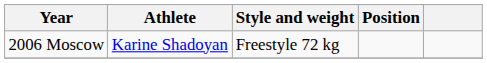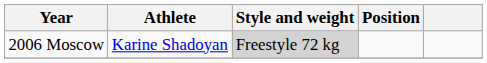 <table class="wikitable sortable">
 <tr>
 <th>Year</th>
 <th>Athlete</th>
 <th>Style and weight</th>
 <th>Position</th>
 <th class="unsortable" style="width:3em"></th>
 </tr>
 <tr>
 <td> 2006 Moscow</td>
 <td><a href='#'>Karine Shadoyan</a></td>
-<td>Freestyle 72 kg</td>
+<td style="background: lightgrey;">Freestyle 72 kg</td>
 <td></td>
 <td></td>
 </tr>
 <tr>
 </tr>
 </table>
